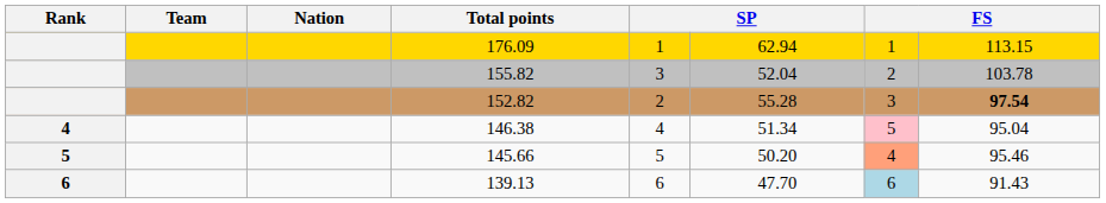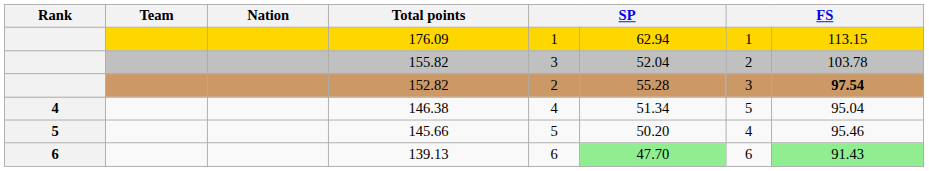 <table class="wikitable sortable" style="text-align:center;" width="80%">
 <tr>
 <th scope="col">Rank</th>
 <th scope="col">Team</th>
 <th scope="col">Nation</th>
 <th scope="col">Total points</th>
 <th scope="col" colspan="2" width="80px"><a href='#'>SP</a></th>
 <th scope="col" colspan="2" width="80px"><a href='#'>FS</a></th>
 </tr>
 <tr bgcolor="gold">
 <th scope="row"></th>
 <td align="left"></td>
 <td align="left"></td>
 <td>176.09</td>
 <td>1</td>
 <td>62.94</td>
 <td>1</td>
 <td>113.15</td>
 </tr>
 <tr bgcolor="silver">
 <th scope="row"></th>
 <td align="left"></td>
 <td align="left"></td>
 <td>155.82</td>
 <td>3</td>
 <td>52.04</td>
 <td>2</td>
 <td>103.78</td>
 </tr>
 <tr bgcolor="cc9966">
 <th scope="row"></th>
 <td align="left"></td>
 <td align="left"></td>
 <td>152.82</td>
 <td>2</td>
 <td>55.28</td>
 <td>3</td>
 <td><strong>97.54</strong></td>
 </tr>
 <tr>
 <th scope="row">4</th>
 <td align="left"></td>
 <td align="left"></td>
 <td>146.38</td>
 <td>4</td>
 <td>51.34</td>
-<td style="background: pink;">5</td>
+<td>5</td>
 <td>95.04</td>
 </tr>
 <tr>
 <th scope="row">5</th>
 <td align="left"></td>
 <td align="left"></td>
 <td>145.66</td>
 <td>5</td>
 <td>50.20</td>
-<td style="background: lightsalmon;">4</td>
+<td>4</td>
 <td>95.46</td>
 </tr>
 <tr>
 <th scope="row">6</th>
 <td align="left"></td>
 <td align="left"></td>
 <td>139.13</td>
 <td>6</td>
-<td>47.70</td>
-<td style="background: lightblue;">6</td>
-<td>91.43</td>
+<td style="background: lightgreen;">47.70</td>
+<td>6</td>
+<td style="background: lightgreen;">91.43</td>
 </tr>
 </table>
